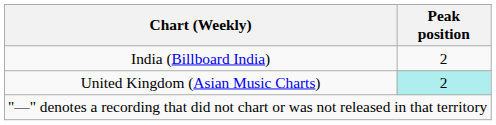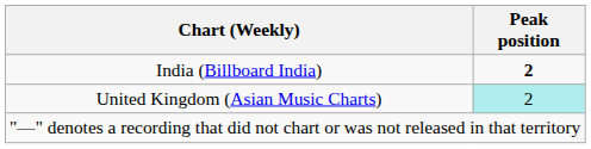 <table class="wikitable plainrowheaders" style="text-align:center">
 <tr>
 <th scope="col">Chart (Weekly)</th>
 <th scope="col">Peak<br>position</th>
 </tr>
 <tr>
 <td>India (<a href='#'>Billboard India</a>)</td>
-<td>2</td>
+<td><strong>2</strong></td>
 </tr>
 <tr>
 <td>United Kingdom (<a href='#'>Asian Music Charts</a>)</td>
 <td style="background: paleturquoise;">2</td>
 </tr>
 <tr>
 <td colspan="3">"—" denotes a recording that did not chart or was not released in that territory</td>
 </tr>
 </table>
